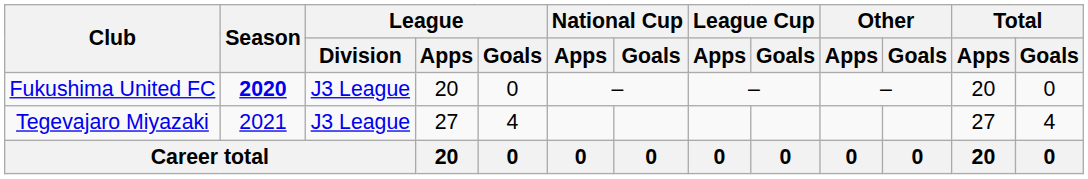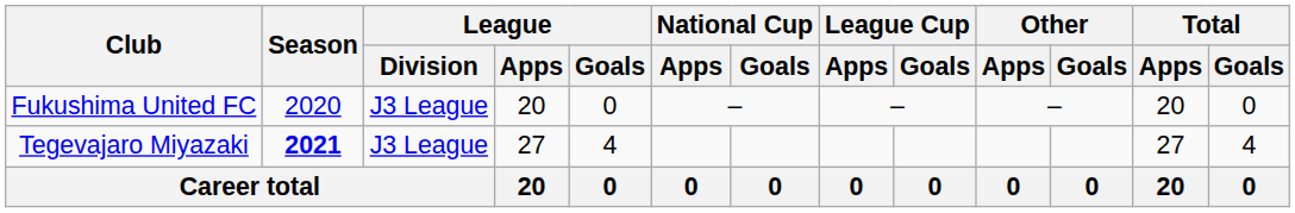 <table class="wikitable" style="text-align:center">
 <tr>
 <th rowspan="2">Club</th>
 <th rowspan="2">Season</th>
 <th colspan="3">League</th>
 <th colspan="2">National Cup</th>
 <th colspan="2">League Cup</th>
 <th colspan="2">Other</th>
 <th colspan="2">Total</th>
 </tr>
 <tr>
 <th>Division</th>
 <th>Apps</th>
 <th>Goals</th>
 <th>Apps</th>
 <th>Goals</th>
 <th>Apps</th>
 <th>Goals</th>
 <th>Apps</th>
 <th>Goals</th>
 <th>Apps</th>
 <th>Goals</th>
 </tr>
 <tr>
 <td><a href='#'>Fukushima United FC</a></td>
-<td><strong><a href='#'>2020</a></strong></td>
+<td><a href='#'>2020</a></td>
 <td><a href='#'>J3 League</a></td>
 <td>20</td>
 <td>0</td>
 <td colspan="2">–</td>
 <td colspan="2">–</td>
 <td colspan="2">–</td>
 <td>20</td>
 <td>0</td>
 </tr>
 <tr>
 <td><a href='#'>Tegevajaro Miyazaki</a></td>
-<td><a href='#'>2021</a></td>
+<td><strong><a href='#'>2021</a></strong></td>
 <td><a href='#'>J3 League</a></td>
 <td>27</td>
 <td>4</td>
 <td></td>
 <td></td>
 <td></td>
 <td></td>
 <td></td>
 <td></td>
 <td>27</td>
 <td>4</td>
 </tr>
 <tr>
 <th colspan="3">Career total</th>
 <th>20</th>
 <th>0</th>
 <th>0</th>
 <th>0</th>
 <th>0</th>
 <th>0</th>
 <th>0</th>
 <th>0</th>
 <th>20</th>
 <th>0</th>
 </tr>
 </table>
